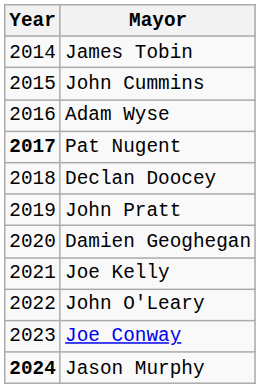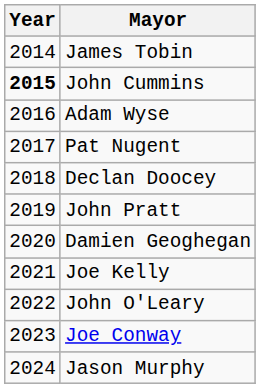 <table class="wikitable">
 <tr>
 <th>Year</th>
 <th>Mayor</th>
 </tr>
 <tr>
 <td>2014</td>
 <td>James Tobin</td>
 </tr>
 <tr>
-<td>2015</td>
+<td><strong>2015</strong></td>
 <td>John Cummins</td>
 </tr>
 <tr>
 <td>2016</td>
 <td>Adam Wyse</td>
 </tr>
 <tr>
-<td><strong>2017</strong></td>
+<td>2017</td>
 <td>Pat Nugent</td>
 </tr>
 <tr>
 <td>2018</td>
 <td>Declan Doocey</td>
 </tr>
 <tr>
 <td>2019</td>
 <td>John Pratt</td>
 </tr>
 <tr>
 <td>2020</td>
 <td>Damien Geoghegan</td>
 </tr>
 <tr>
 <td>2021</td>
 <td>Joe Kelly</td>
 </tr>
 <tr>
 <td>2022</td>
 <td>John O'Leary</td>
 </tr>
 <tr>
 <td>2023</td>
 <td><a href='#'>Joe Conway</a></td>
 </tr>
 <tr>
-<td><strong>2024</strong></td>
+<td>2024</td>
 <td>Jason Murphy</td>
 </tr>
 </table>
